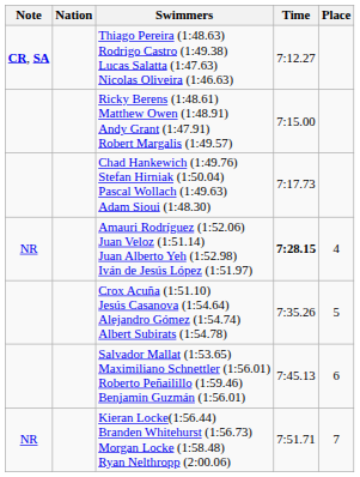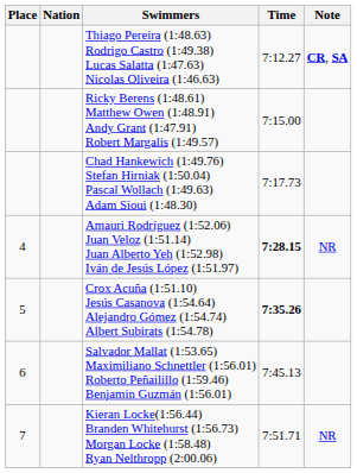 <table class="wikitable sortable" style="text-align:center">
 <tr>
-<th>Note</th>
+<th>Place</th>
 <th>Nation</th>
 <th>Swimmers</th>
 <th>Time</th>
-<th>Place</th>
+<th>Note</th>
 </tr>
 <tr>
-<td><strong><a href='#'>CR</a></strong>, <strong><a href='#'>SA</a></strong></td>
+<td></td>
 <td align="left"></td>
 <td align=left><a href='#'>Thiago Pereira</a> (1:48.63) <br> <a href='#'>Rodrigo Castro</a> (1:49.38) <br> <a href='#'>Lucas Salatta</a> (1:47.63) <br> <a href='#'>Nicolas Oliveira</a> (1:46.63)</td>
 <td>7:12.27</td>
-<td></td>
+<td><strong><a href='#'>CR</a></strong>, <strong><a href='#'>SA</a></strong></td>
 </tr>
 <tr>
 <td></td>
 <td align="left"></td>
 <td align=left><a href='#'>Ricky Berens</a> (1:48.61) <br> <a href='#'>Matthew Owen</a> (1:48.91) <br> <a href='#'>Andy Grant</a> (1:47.91) <br> <a href='#'>Robert Margalis</a> (1:49.57)</td>
 <td>7:15.00</td>
 <td></td>
 </tr>
 <tr>
 <td></td>
 <td align="left"></td>
 <td align=left><a href='#'>Chad Hankewich</a> (1:49.76) <br> <a href='#'>Stefan Hirniak</a> (1:50.04) <br> <a href='#'>Pascal Wollach</a> (1:49.63) <br> <a href='#'>Adam Sioui</a> (1:48.30)</td>
 <td>7:17.73</td>
 <td></td>
 </tr>
 <tr>
-<td><a href='#'>NR</a></td>
+<td>4</td>
 <td align=left></td>
 <td align=left><a href='#'>Amauri Rodríguez</a> (1:52.06) <br> <a href='#'>Juan Veloz</a> (1:51.14) <br> <a href='#'>Juan Alberto Yeh</a> (1:52.98) <br> <a href='#'>Iván de Jesús López</a> (1:51.97)</td>
 <td><strong>7:28.15</strong></td>
-<td>4</td>
+<td><a href='#'>NR</a></td>
 </tr>
 <tr>
-<td></td>
+<td>5</td>
 <td align=left></td>
 <td align=left><a href='#'>Crox Acuña</a> (1:51.10) <br><a href='#'>Jesús Casanova</a> (1:54.64) <br><a href='#'>Alejandro Gómez</a> (1:54.74) <br><a href='#'>Albert Subirats</a> (1:54.78)</td>
-<td>7:35.26</td>
-<td>5</td>
+<td><strong>7:35.26</strong></td>
+<td></td>
 </tr>
 <tr>
-<td></td>
+<td>6</td>
 <td align=left></td>
 <td align=left><a href='#'>Salvador Mallat</a> (1:53.65) <br><a href='#'>Maximiliano Schnettler</a> (1:56.01) <br><a href='#'>Roberto Peñailillo</a> (1:59.46) <br><a href='#'>Benjamin Guzmán</a> (1:56.01)</td>
 <td>7:45.13</td>
-<td>6</td>
+<td></td>
 </tr>
 <tr>
-<td><a href='#'>NR</a></td>
+<td>7</td>
 <td align=left></td>
 <td align="left"><a href='#'>Kieran Locke</a>(1:56.44) <br><a href='#'>Branden Whitehurst</a> (1:56.73) <br><a href='#'>Morgan Locke</a> (1:58.48) <br><a href='#'>Ryan Nelthropp</a> (2:00.06)</td>
 <td>7:51.71</td>
-<td>7</td>
+<td><a href='#'>NR</a></td>
 </tr>
 </table>
